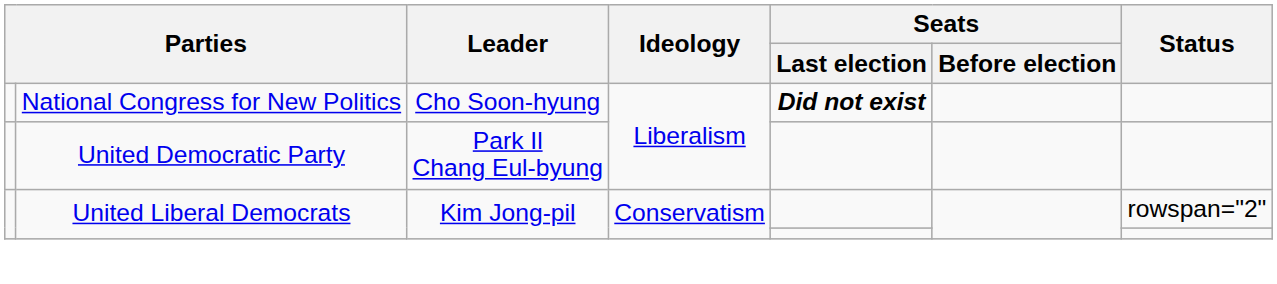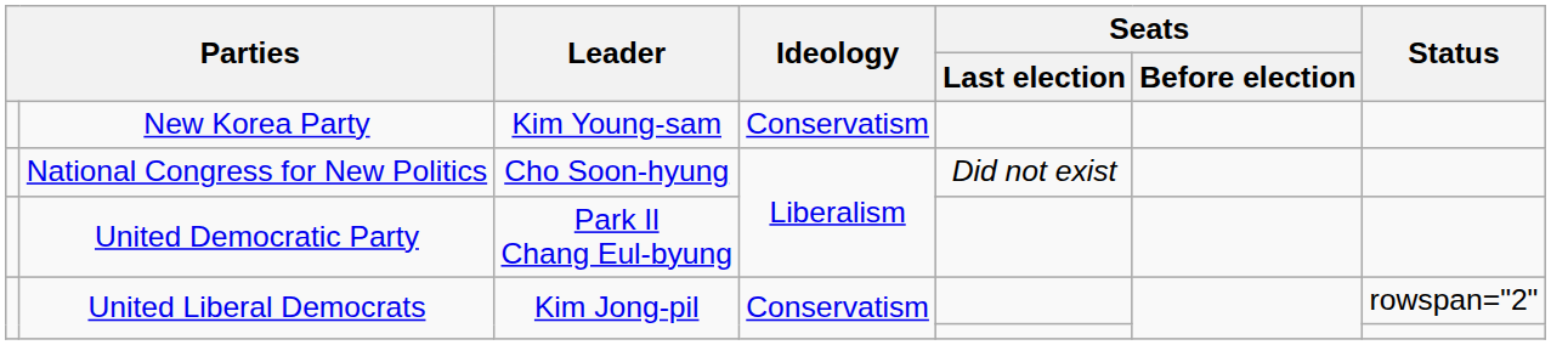 <table class=wikitable style=text-align:center>
 <tr>
 <th colspan=2 rowspan=2>Parties</th>
 <th rowspan=2>Leader</th>
 <th rowspan=2>Ideology</th>
 <th colspan=2>Seats</th>
 <th rowspan=2>Status</th>
 </tr>
 <tr>
 <th>Last election</th>
 <th>Before election</th>
 </tr>
 <tr>
 <td style="background:"></td>
+<td><a href='#'>New Korea Party</a></td>
+<td><a href='#'>Kim Young-sam</a></td>
+<td><a href='#'>Conservatism</a></td>
+<td></td>
+<td></td>
+<td></td>
+</tr>
+<tr>
+<td style="background:"></td>
 <td><a href='#'>National Congress for New Politics</a></td>
 <td><a href='#'>Cho Soon-hyung</a></td>
 <td rowspan="2"><a href='#'>Liberalism</a></td>
-<td><strong><em>Did not exist</em></strong></td>
+<td><em>Did not exist</em></td>
 <td></td>
 <td></td>
 </tr>
 <tr>
 <td style="background:"></td>
 <td><a href='#'>United Democratic Party</a></td>
 <td><a href='#'>Park Il</a><br><a href='#'>Chang Eul-byung</a></td>
 <td></td>
 <td></td>
 <td></td>
 </tr>
 <tr>
 <td rowspan="2" style="background:"></td>
 <td rowspan="2"><a href='#'>United Liberal Democrats</a></td>
 <td rowspan="2"><a href='#'>Kim Jong-pil</a></td>
 <td rowspan="2"><a href='#'>Conservatism</a></td>
 <td></td>
 <td rowspan="2"></td>
 <td>rowspan="2" </td>
 </tr>
 <tr>
 <td></td>
 </tr>
 </table>
